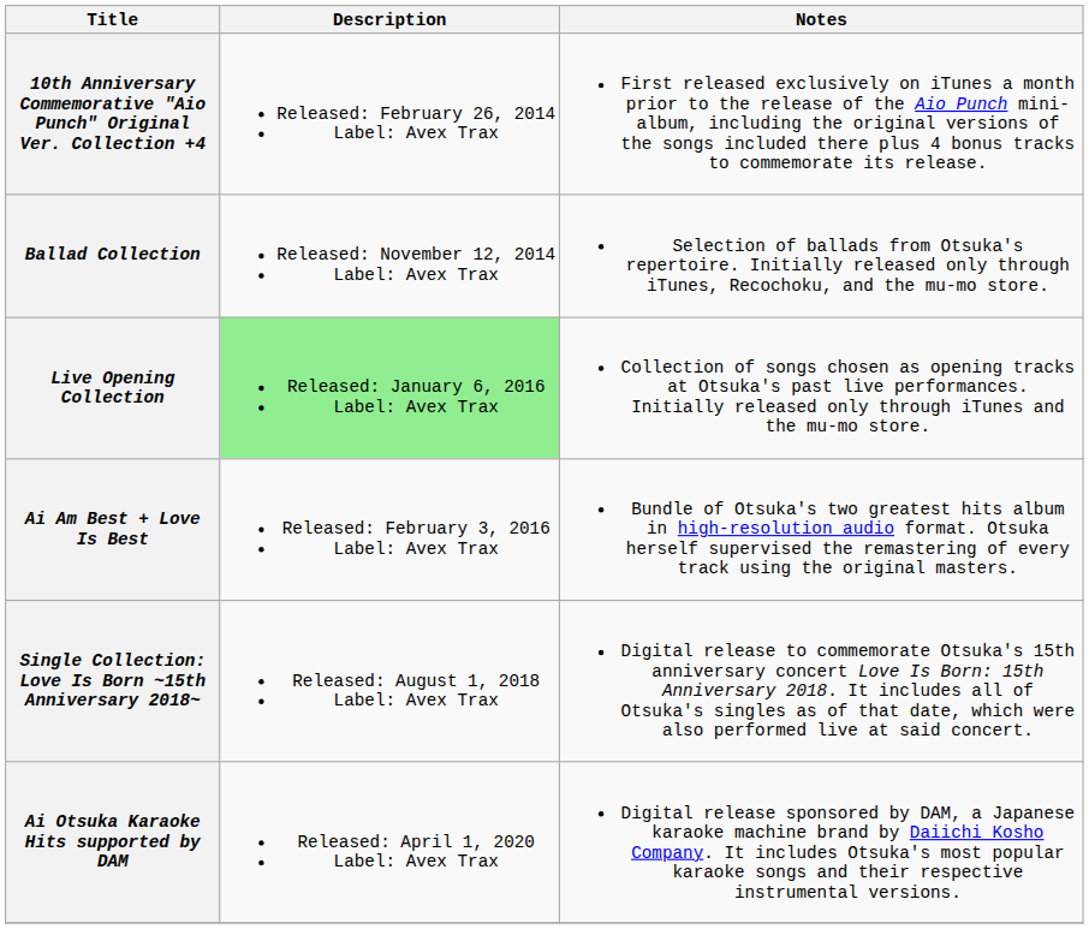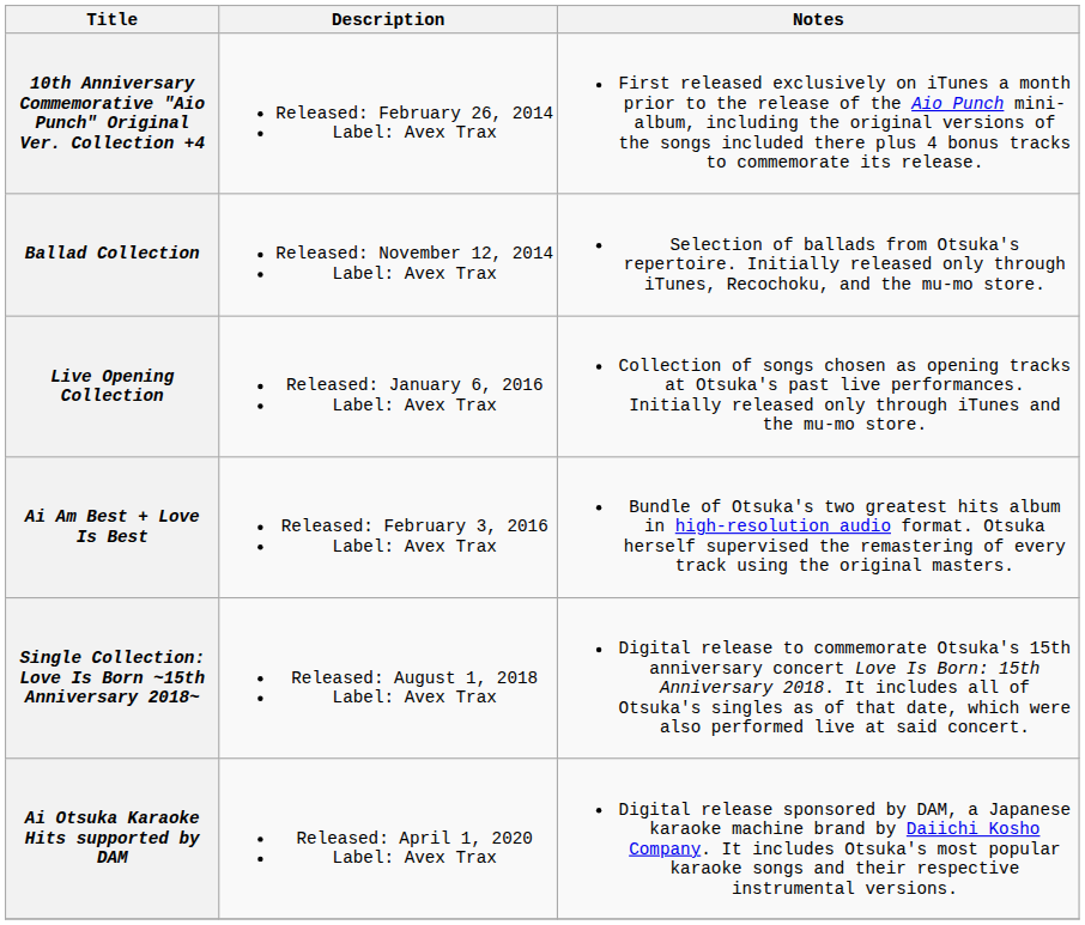 <table class="wikitable plainrowheaders" style="text-align:center;">
 <tr>
 <th scope="col" style="width:12em;">Title</th>
 <th scope="col">Description</th>
 <th scope="col" style="width:30em;">Notes</th>
 </tr>
 <tr>
 <th scope="row"><em>10th Anniversary Commemorative "Aio Punch" Original Ver. Collection +4</em><br></th>
 <td><br><ul><li>Released: February 26, 2014</li><li>Label: Avex Trax</li></ul></td>
 <td><br><ul><li>First released exclusively on iTunes a month prior to the release of the <em><a href='#'>Aio Punch</a></em> mini-album, including the original versions of the songs included there plus 4 bonus tracks to commemorate its release.</li></ul></td>
 </tr>
 <tr>
 <th scope="row"><em>Ballad Collection</em></th>
 <td><br><ul><li>Released: November 12, 2014</li><li>Label: Avex Trax</li></ul></td>
 <td><br><ul><li>Selection of ballads from Otsuka's repertoire. Initially released only through iTunes, Recochoku, and the mu-mo store.</li></ul></td>
 </tr>
 <tr>
 <th scope="row"><em>Live Opening Collection</em></th>
-<td style="background: lightgreen;"><br><ul><li>Released: January 6, 2016</li><li>Label: Avex Trax</li></ul></td>
+<td><br><ul><li>Released: January 6, 2016</li><li>Label: Avex Trax</li></ul></td>
 <td><br><ul><li>Collection of songs chosen as opening tracks at Otsuka's past live performances. Initially released only through iTunes and the mu-mo store.</li></ul></td>
 </tr>
 <tr>
 <th scope="row"><em>Ai Am Best + Love Is Best</em><br></th>
 <td><br><ul><li>Released: February 3, 2016</li><li>Label: Avex Trax</li></ul></td>
 <td><br><ul><li>Bundle of Otsuka's two greatest hits album in <a href='#'>high-resolution audio</a> format. Otsuka herself supervised the remastering of every track using the original masters.</li></ul></td>
 </tr>
 <tr>
 <th scope="row"><em>Single Collection: Love Is Born ~15th Anniversary 2018~</em></th>
 <td><br><ul><li>Released: August 1, 2018</li><li>Label: Avex Trax</li></ul></td>
 <td><br><ul><li>Digital release to commemorate Otsuka's 15th anniversary concert <em>Love Is Born: 15th Anniversary 2018</em>. It includes all of Otsuka's singles as of that date, which were also performed live at said concert.</li></ul></td>
 </tr>
 <tr>
 <th scope="row"><em>Ai Otsuka Karaoke Hits supported by DAM</em><br></th>
 <td><br><ul><li>Released: April 1, 2020</li><li>Label: Avex Trax</li></ul></td>
 <td><br><ul><li>Digital release sponsored by DAM, a Japanese karaoke machine brand by <a href='#'>Daiichi Kosho Company</a>. It includes Otsuka's most popular karaoke songs and their respective instrumental versions.</li></ul></td>
 </tr>
 <tr>
 </tr>
 </table>
